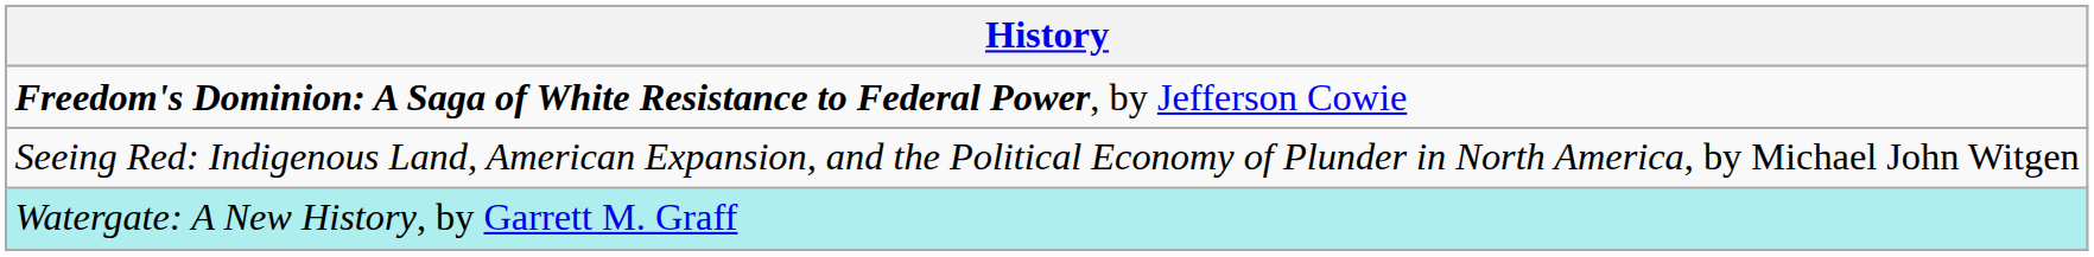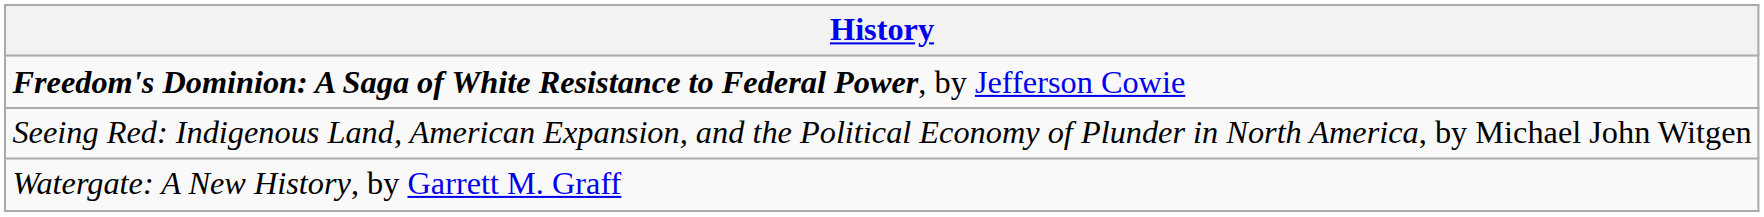 <table class="wikitable" style="float:left; float:none;">
 <tr>
 <th><a href='#'>History</a></th>
 </tr>
 <tr>
 <td><strong><em>Freedom's Dominion: A Saga of White Resistance to Federal Power</em></strong>, by <a href='#'>Jefferson Cowie</a></td>
 </tr>
 <tr>
 <td><em>Seeing Red: Indigenous Land, American Expansion, and the Political Economy of Plunder in North America</em>, by Michael John Witgen</td>
 </tr>
 <tr>
-<td style="background: paleturquoise;"><em>Watergate: A New History</em>, by <a href='#'>Garrett M. Graff</a></td>
+<td><em>Watergate: A New History</em>, by <a href='#'>Garrett M. Graff</a></td>
 </tr>
 </table>
